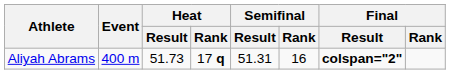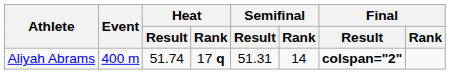 <table class="wikitable" style="font-size:90%">
 <tr>
 <th rowspan="2">Athlete</th>
 <th rowspan="2">Event</th>
 <th colspan="2">Heat</th>
 <th colspan="2">Semifinal</th>
 <th colspan="2">Final</th>
 </tr>
 <tr>
 <th>Result</th>
 <th>Rank</th>
 <th>Result</th>
 <th>Rank</th>
 <th>Result</th>
 <th>Rank</th>
 </tr>
 <tr style=text-align:center>
 <td style=text-align:left><a href='#'>Aliyah Abrams</a></td>
 <td style=text-align:left><a href='#'>400 m</a></td>
-<td>51.73</td>
+<td>51.74</td>
 <td>17 <strong>q</strong></td>
 <td>51.31</td>
-<td>16</td>
+<td>14</td>
 <td><strong>colspan="2" </strong></td>
 </tr>
 </table>
